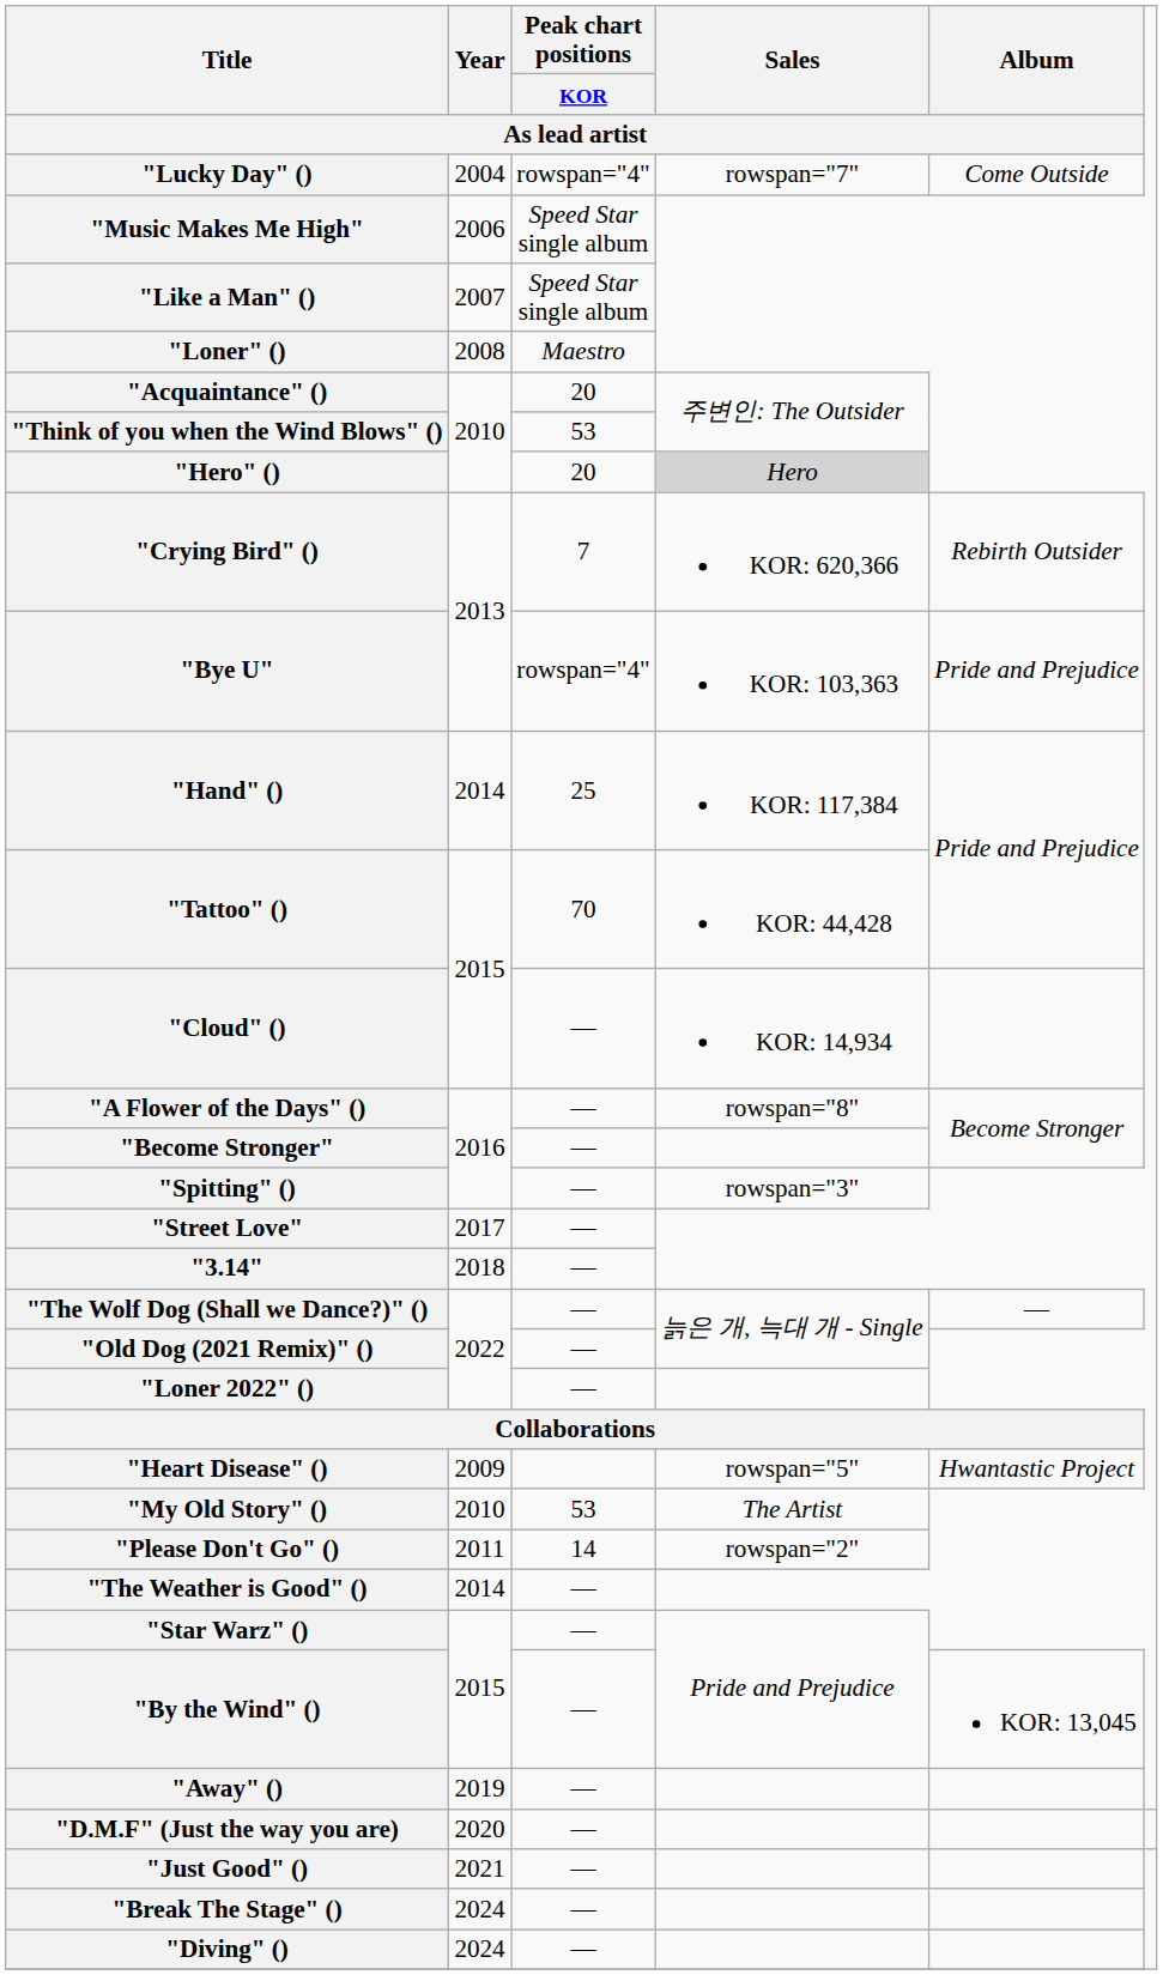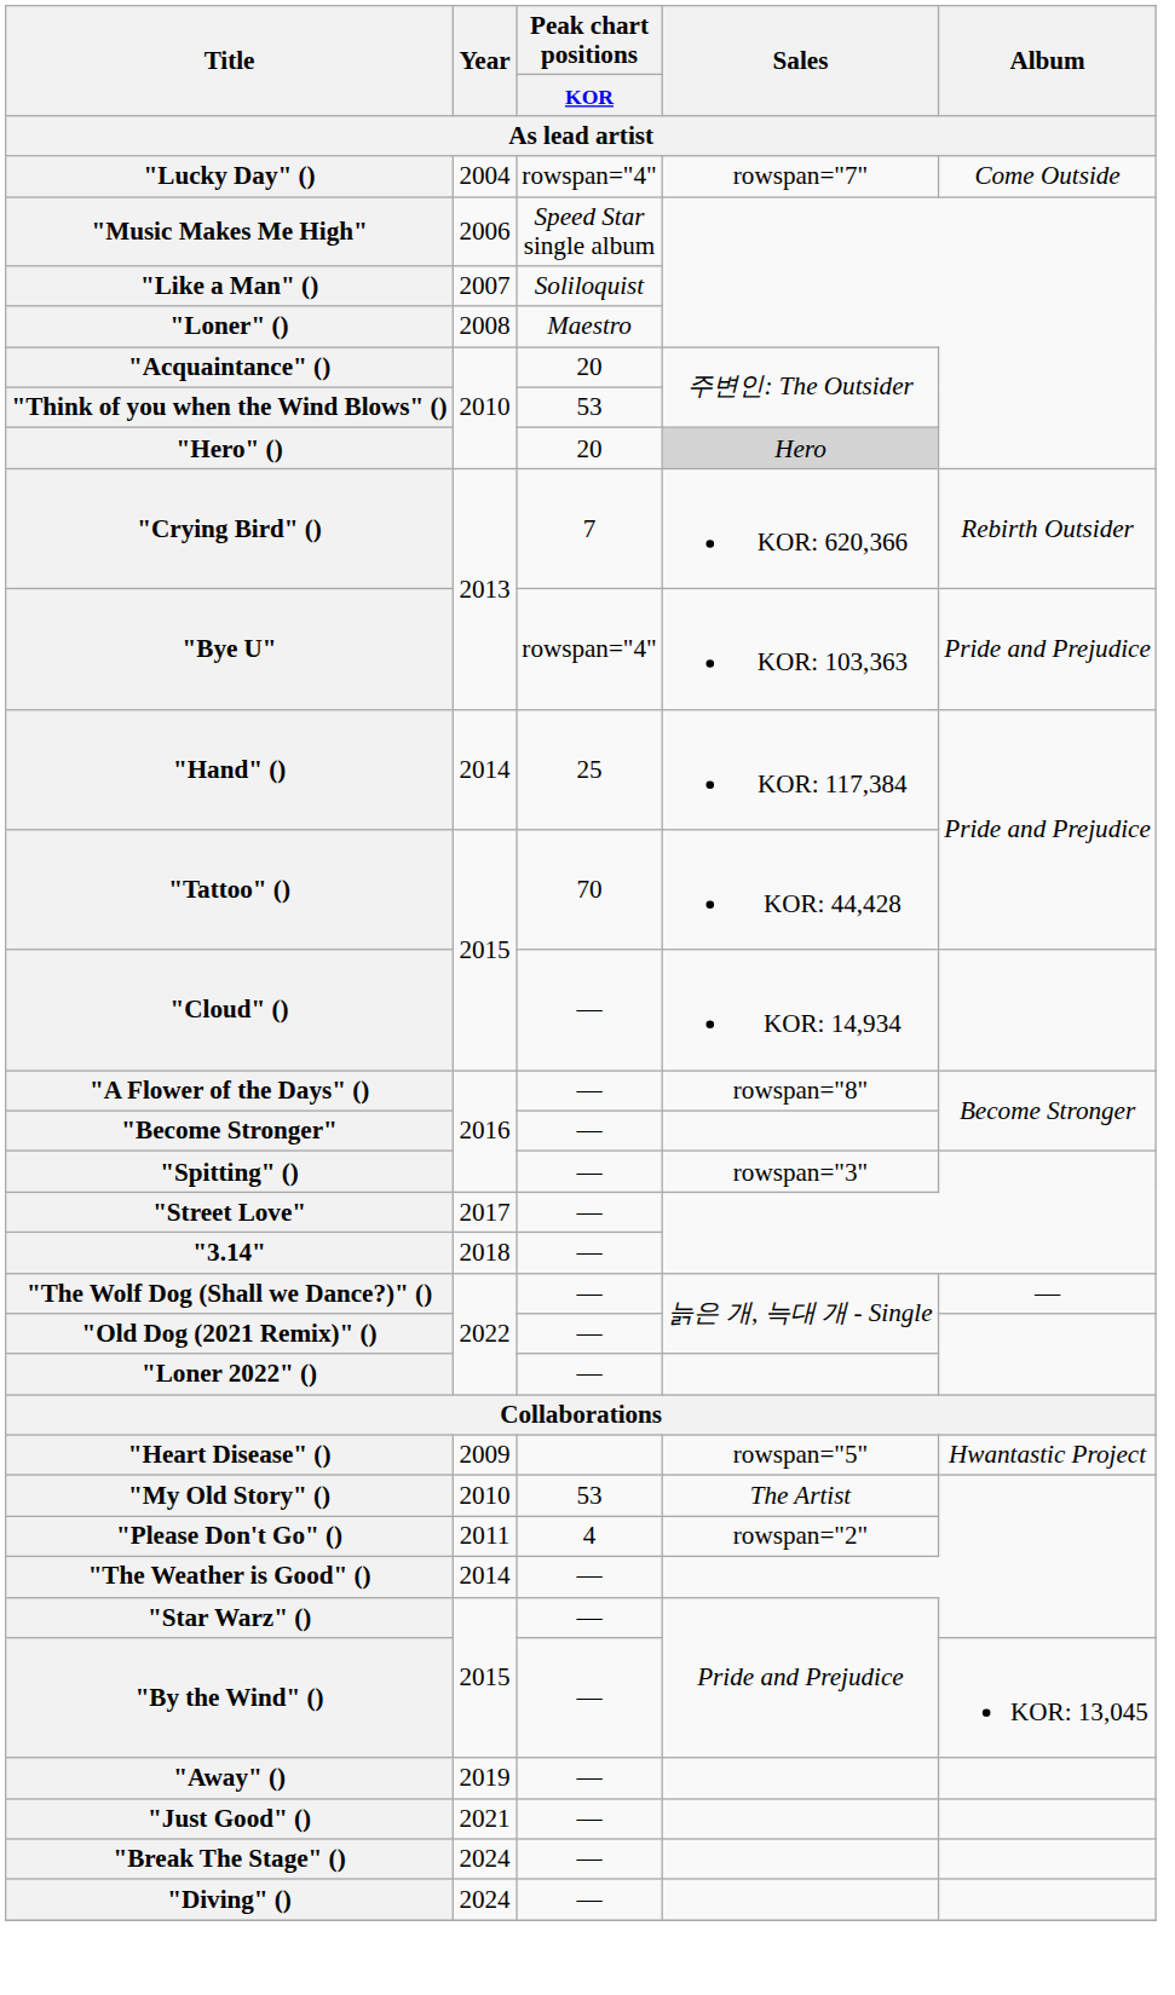 <table class="wikitable plainrowheaders" style="text-align:center;">
 <tr>
 <th scope="col" rowspan="2">Title</th>
 <th scope="col" rowspan="2">Year</th>
 <th scope="col" colspan="1" style="width:5em;">Peak chart positions</th>
 <th scope="col" rowspan="2">Sales</th>
 <th scope="col" rowspan="2">Album</th>
 </tr>
 <tr>
 <th><small><a href='#'>KOR</a></small><br></th>
 </tr>
 <tr>
 <th scope="col" colspan="5">As lead artist</th>
 </tr>
 <tr>
 <th scope="row">"Lucky Day" ()<br></th>
 <td>2004</td>
 <td>rowspan="4" </td>
 <td>rowspan="7" </td>
 <td><em>Come Outside</em></td>
 </tr>
 <tr>
 <th scope="row">"Music Makes Me High"<br></th>
 <td>2006</td>
 <td><em>Speed Star</em> single album</td>
 </tr>
 <tr>
 <th scope="row">"Like a Man" ()</th>
 <td>2007</td>
-<td><em>Speed Star</em> single album</td>
+<td><em>Soliloquist</em></td>
 </tr>
 <tr>
 <th scope="row">"Loner" ()</th>
 <td>2008</td>
 <td><em>Maestro</em></td>
 </tr>
 <tr>
 <th scope="row">"Acquaintance" ()</th>
 <td rowspan="3">2010</td>
 <td>20</td>
 <td rowspan="2"><em>주변인: The Outsider</em></td>
 </tr>
 <tr>
 <th scope="row">"Think of you when the Wind Blows" ()<br></th>
 <td>53</td>
 </tr>
 <tr>
 <th scope="row">"Hero" ()<br></th>
 <td>20</td>
 <td style="background: lightgrey;"><em>Hero</em></td>
 </tr>
 <tr>
 <th scope="row">"Crying Bird" ()<br></th>
 <td rowspan="2">2013</td>
 <td>7</td>
 <td><br><ul><li>KOR: 620,366</li></ul></td>
 <td><em>Rebirth Outsider</em></td>
 </tr>
 <tr>
 <th scope="row">"Bye U"<br></th>
 <td>rowspan="4" </td>
 <td><br><ul><li>KOR: 103,363</li></ul></td>
 <td><em>Pride and Prejudice</em></td>
 </tr>
 <tr>
 <th scope="row">"Hand" ()</th>
 <td>2014</td>
 <td>25</td>
 <td><br><ul><li>KOR: 117,384</li></ul></td>
 <td rowspan="2"><em>Pride and Prejudice</em></td>
 </tr>
 <tr>
 <th scope="row">"Tattoo" ()<br></th>
 <td rowspan="2">2015</td>
 <td>70</td>
 <td><br><ul><li>KOR: 44,428</li></ul></td>
 </tr>
 <tr>
 <th scope="row">"Cloud" ()<br></th>
 <td>—</td>
 <td><br><ul><li>KOR: 14,934</li></ul></td>
 <td></td>
 </tr>
 <tr>
 <th scope="row">"A Flower of the Days" ()<br></th>
 <td rowspan="3">2016</td>
 <td>—</td>
 <td>rowspan="8" </td>
 <td rowspan="2"><em>Become Stronger</em></td>
 </tr>
 <tr>
 <th scope="row">"Become Stronger"<br></th>
 <td>—</td>
 </tr>
 <tr>
 <th scope="row">"Spitting" ()<br></th>
 <td>—</td>
 <td>rowspan="3" </td>
 </tr>
 <tr>
 <th scope="row">"Street Love"<br></th>
 <td>2017</td>
 <td>—</td>
 </tr>
 <tr>
 <th scope="row">"3.14"<br></th>
 <td>2018</td>
 <td>—</td>
 </tr>
 <tr>
 <th scope="row">"The Wolf Dog (Shall we Dance?)" ()</th>
 <td rowspan="3">2022</td>
 <td>—</td>
 <td rowspan="2"><em>늙은 개, 늑대 개 - Single</em></td>
 <td>—</td>
 </tr>
 <tr>
 <th scope="row">"Old Dog (2021 Remix)" ()</th>
 <td>—</td>
 </tr>
 <tr>
 <th scope="row">"Loner 2022" ()</th>
 <td>—</td>
 <td></td>
 </tr>
 <tr>
 <th colspan="5">Collaborations</th>
 </tr>
 <tr>
 <th scope="row">"Heart Disease" ()<br></th>
 <td>2009</td>
 <td></td>
 <td>rowspan="5" </td>
 <td><em>Hwantastic Project</em></td>
 </tr>
 <tr>
 <th scope="row">"My Old Story" ()<br></th>
 <td>2010</td>
 <td>53</td>
 <td><em>The Artist</em></td>
 </tr>
 <tr>
 <th scope="row">"Please Don't Go" ()<br></th>
 <td>2011</td>
-<td>14</td>
+<td>4</td>
 <td>rowspan="2" </td>
 </tr>
 <tr>
 <th scope="row">"The Weather is Good" ()<br></th>
 <td>2014</td>
 <td>—</td>
 </tr>
 <tr>
 <th scope="row">"Star Warz" ()<br></th>
 <td rowspan="2">2015</td>
 <td>—</td>
 <td rowspan="2"><em>Pride and Prejudice</em></td>
 </tr>
 <tr>
 <th scope="row">"By the Wind" ()<br></th>
 <td>—</td>
 <td><br><ul><li>KOR: 13,045</li></ul></td>
 </tr>
 <tr>
 <th scope="row">"Away" ()<br></th>
 <td>2019</td>
 <td>—</td>
-<td></td>
-<td></td>
-</tr>
-<tr>
-<th scope="row">"D.M.F" (Just the way you are)<br></th>
-<td>2020</td>
-<td>—</td>
-<td></td>
 <td></td>
 <td></td>
 </tr>
 <tr>
 <th scope="row">"Just Good" ()<br></th>
 <td>2021</td>
 <td>—</td>
 <td></td>
 <td></td>
 </tr>
 <tr>
 <th scope="row">"Break The Stage" ()<br></th>
 <td>2024</td>
 <td>—</td>
 <td></td>
 <td></td>
 </tr>
 <tr>
 <th scope="row">"Diving" ()<br></th>
 <td>2024</td>
 <td>—</td>
 <td></td>
 <td></td>
 </tr>
 <tr>
 </tr>
 </table>
